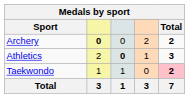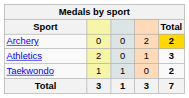 <table class="wikitable" style="font-size:90%; text-align:center;">
 <tr>
 <th colspan=5>Medals by sport</th>
 </tr>
 <tr>
 <th width=120>Sport</th>
 <th scope="col" width=30 style="background:#F7F6A8;"></th>
 <th scope="col" width=30 style="background:#DCE5E5;"></th>
 <th scope="col" width=30 style="background:#FFDAB9;"></th>
 <th width=30>Total</th>
 </tr>
 <tr>
 <td align=left><a href='#'>Archery</a></td>
-<td style="background:#F7F6A8;"><strong>0</strong></td>
+<td style="background:#F7F6A8;">0</td>
 <td style="background:#DCE5E5;">0</td>
 <td style="background:#FFDAB9;">2</td>
-<td><strong>2</strong></td>
+<td style="background: gold;"><strong>2</strong></td>
 </tr>
 <tr>
 <td align=left><a href='#'>Athletics</a></td>
 <td style="background:#F7F6A8;">2</td>
-<td style="background:#DCE5E5;"><strong>0</strong></td>
+<td style="background:#DCE5E5;">0</td>
 <td style="background:#FFDAB9;">1</td>
 <td><strong>3</strong></td>
 </tr>
 <tr>
 <td align=left><a href='#'>Taekwondo</a></td>
 <td style="background:#F7F6A8;">1</td>
 <td style="background:#DCE5E5;">1</td>
 <td style="background:#FFDAB9;">0</td>
-<td style="background: pink;"><strong>2</strong></td>
+<td><strong>2</strong></td>
 </tr>
 <tr class="sortbottom">
 <th>Total</th>
 <th>3</th>
 <th>1</th>
 <th>3</th>
 <th>7</th>
 </tr>
 </table>
